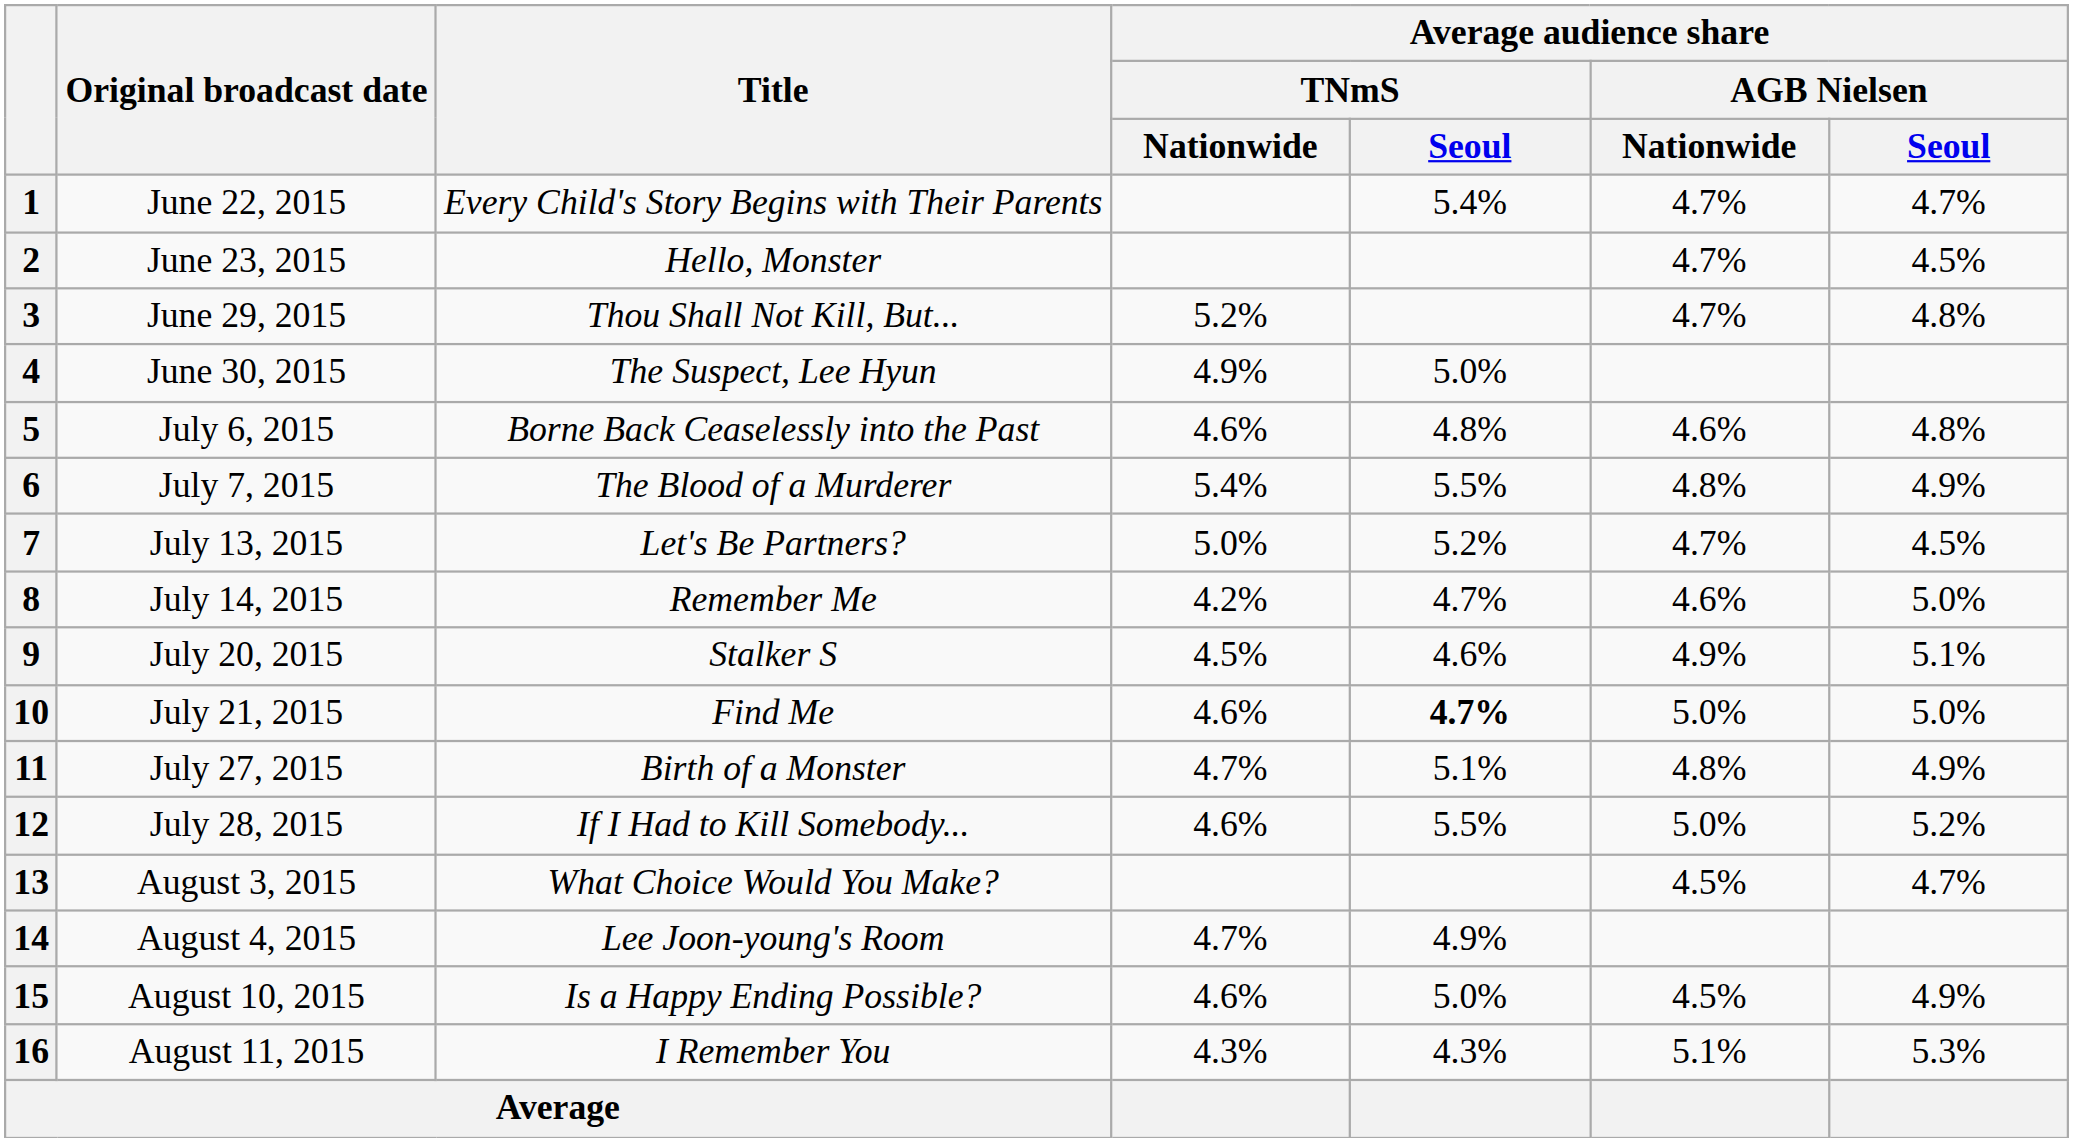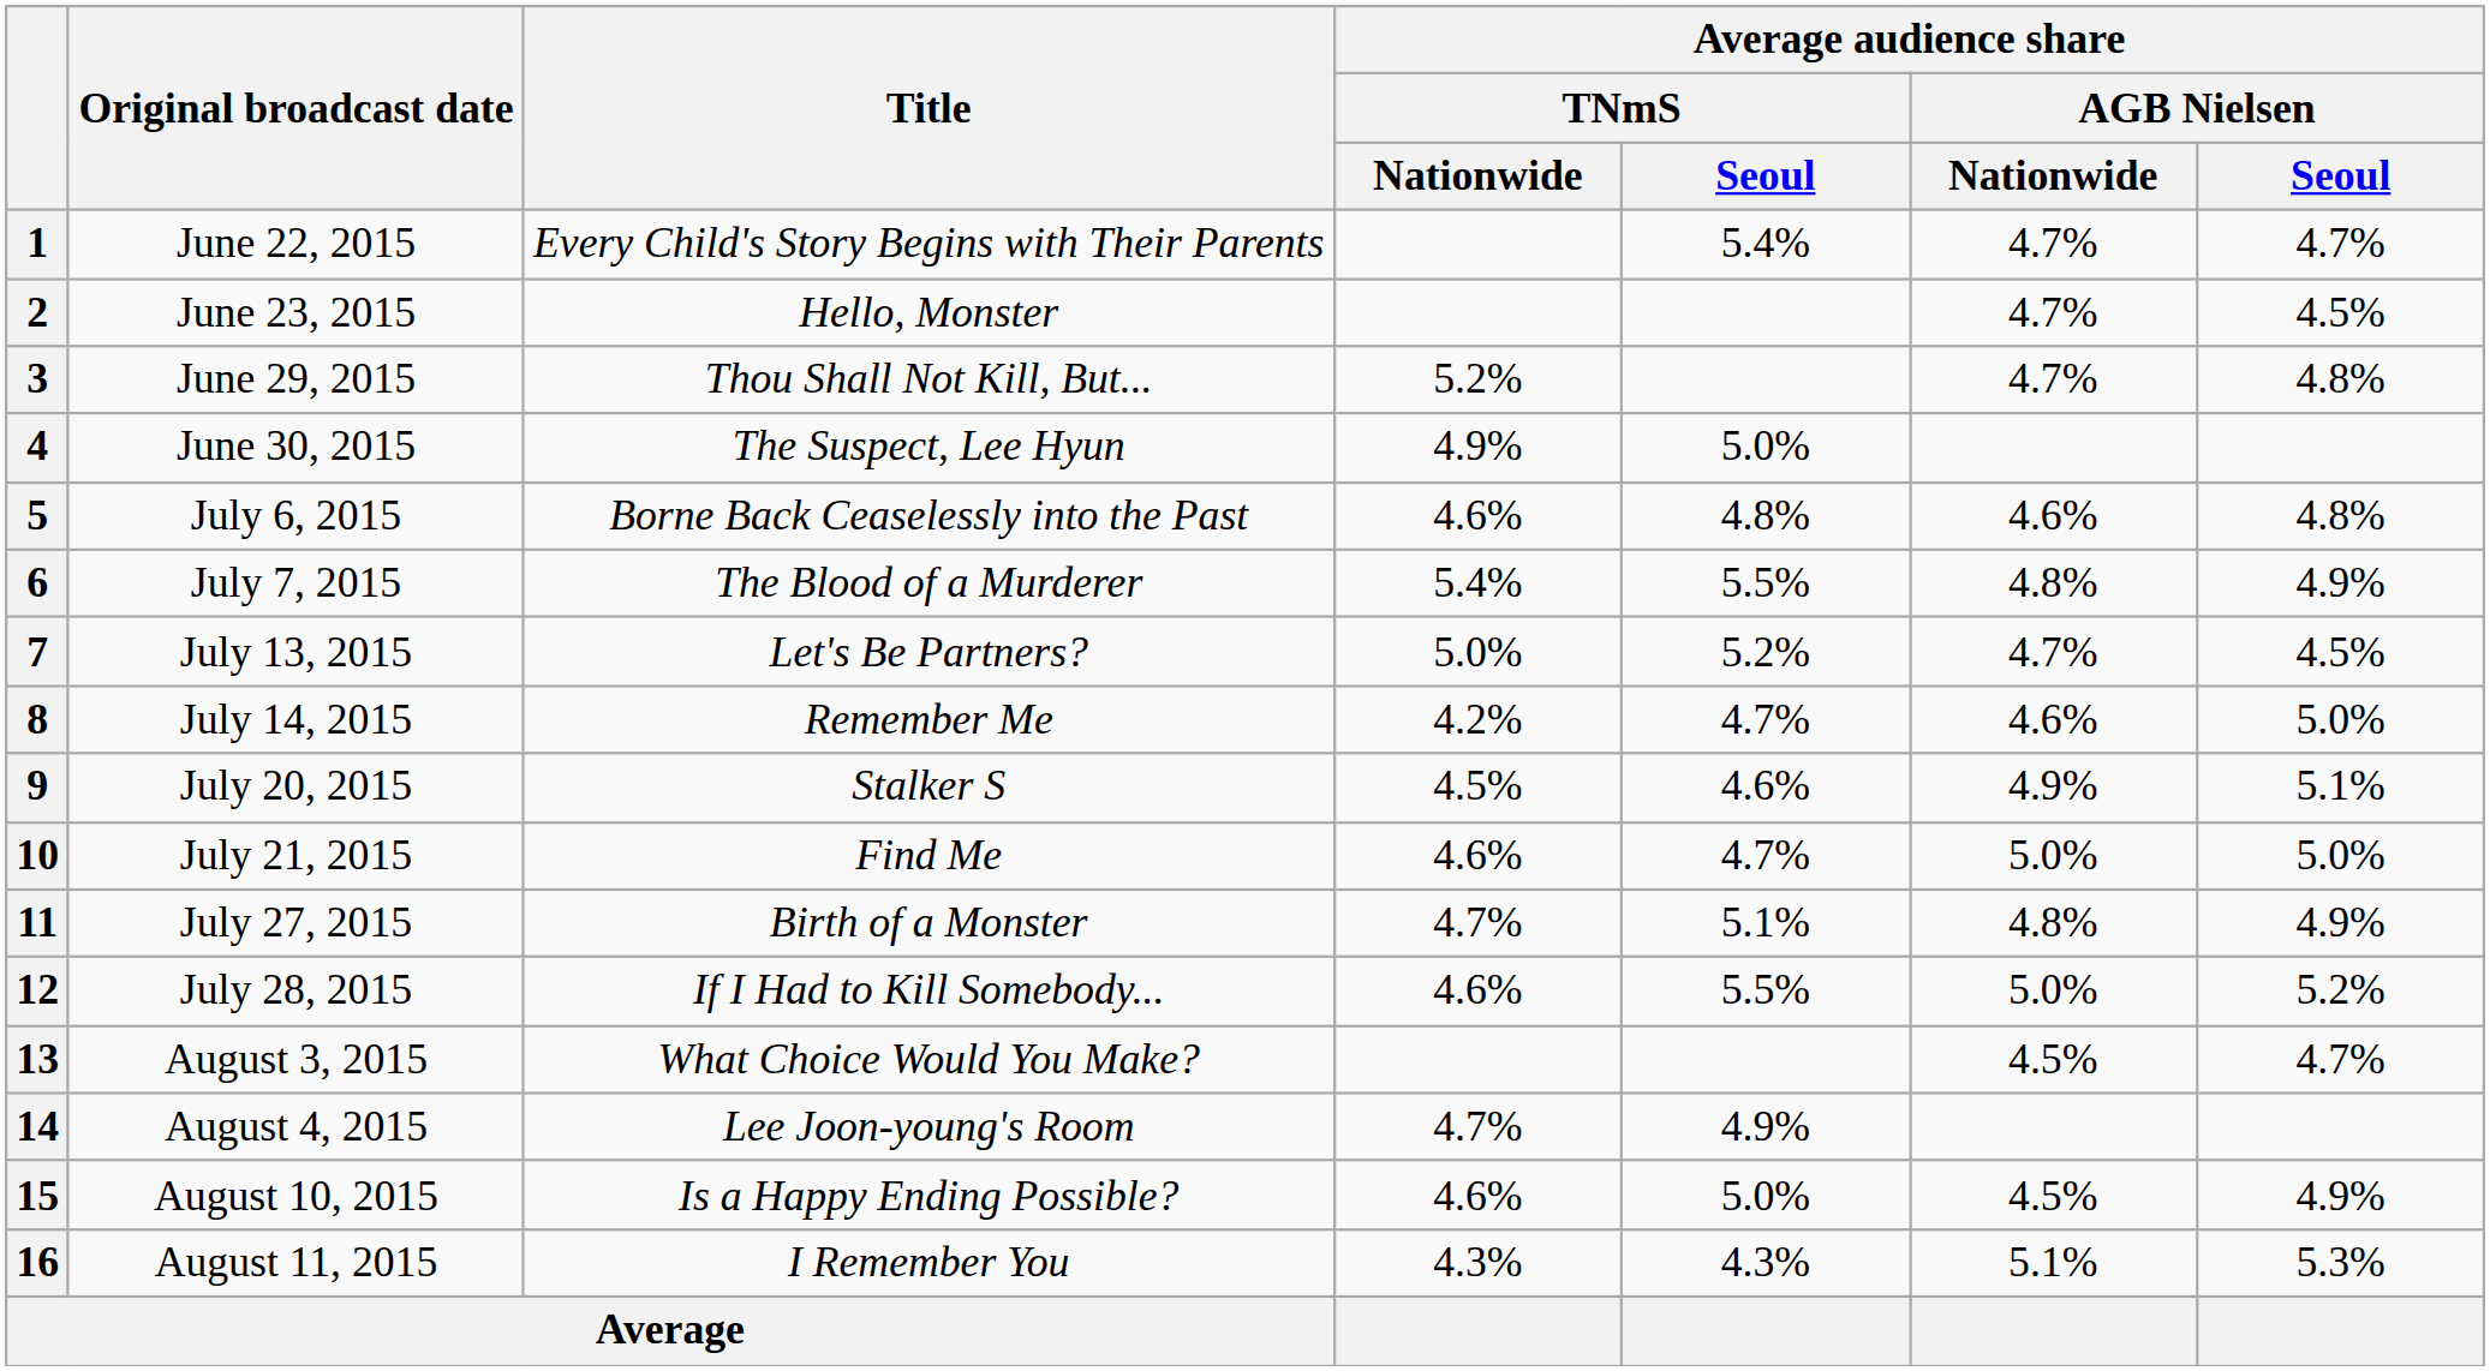 <table class=wikitable style="text-align:center">
 <tr>
 <th rowspan="3"></th>
 <th rowspan="3">Original broadcast date</th>
 <th rowspan="3">Title</th>
 <th colspan="4">Average audience share</th>
 </tr>
 <tr>
 <th colspan="2">TNmS</th>
 <th colspan="2">AGB Nielsen</th>
 </tr>
 <tr>
 <th width=100>Nationwide</th>
 <th width=100><a href='#'>Seoul</a></th>
 <th width=100>Nationwide</th>
 <th width=100><a href='#'>Seoul</a></th>
 </tr>
 <tr>
 <th>1</th>
 <td>June 22, 2015</td>
 <td><em>Every Child's Story Begins with Their Parents</em></td>
 <td></td>
 <td>5.4%</td>
 <td>4.7%</td>
 <td>4.7%</td>
 </tr>
 <tr>
 <th>2</th>
 <td>June 23, 2015</td>
 <td><em>Hello, Monster</em></td>
 <td></td>
 <td></td>
 <td>4.7%</td>
 <td>4.5%</td>
 </tr>
 <tr>
 <th>3</th>
 <td>June 29, 2015</td>
 <td><em>Thou Shall Not Kill, But...</em></td>
 <td>5.2%</td>
 <td></td>
 <td>4.7%</td>
 <td>4.8%</td>
 </tr>
 <tr>
 <th>4</th>
 <td>June 30, 2015</td>
 <td><em>The Suspect, Lee Hyun</em></td>
 <td>4.9%</td>
 <td>5.0%</td>
 <td></td>
 <td></td>
 </tr>
 <tr>
 <th>5</th>
 <td>July 6, 2015</td>
 <td><em>Borne Back Ceaselessly into the Past</em></td>
 <td>4.6%</td>
 <td>4.8%</td>
 <td>4.6%</td>
 <td>4.8%</td>
 </tr>
 <tr>
 <th>6</th>
 <td>July 7, 2015</td>
 <td><em>The Blood of a Murderer</em></td>
 <td>5.4%</td>
 <td>5.5%</td>
 <td>4.8%</td>
 <td>4.9%</td>
 </tr>
 <tr>
 <th>7</th>
 <td>July 13, 2015</td>
 <td><em>Let's Be Partners?</em></td>
 <td>5.0%</td>
 <td>5.2%</td>
 <td>4.7%</td>
 <td>4.5%</td>
 </tr>
 <tr>
 <th>8</th>
 <td>July 14, 2015</td>
 <td><em>Remember Me</em></td>
 <td>4.2%</td>
 <td>4.7%</td>
 <td>4.6%</td>
 <td>5.0%</td>
 </tr>
 <tr>
 <th>9</th>
 <td>July 20, 2015</td>
 <td><em>Stalker S</em></td>
 <td>4.5%</td>
 <td>4.6%</td>
 <td>4.9%</td>
 <td>5.1%</td>
 </tr>
 <tr>
 <th>10</th>
 <td>July 21, 2015</td>
 <td><em>Find Me</em></td>
 <td>4.6%</td>
-<td><strong>4.7%</strong></td>
+<td>4.7%</td>
 <td>5.0%</td>
 <td>5.0%</td>
 </tr>
 <tr>
 <th>11</th>
 <td>July 27, 2015</td>
 <td><em>Birth of a Monster</em></td>
 <td>4.7%</td>
 <td>5.1%</td>
 <td>4.8%</td>
 <td>4.9%</td>
 </tr>
 <tr>
 <th>12</th>
 <td>July 28, 2015</td>
 <td><em>If I Had to Kill Somebody...</em></td>
 <td>4.6%</td>
 <td>5.5%</td>
 <td>5.0%</td>
 <td>5.2%</td>
 </tr>
 <tr>
 <th>13</th>
 <td>August 3, 2015</td>
 <td><em>What Choice Would You Make?</em></td>
 <td></td>
 <td></td>
 <td>4.5%</td>
 <td>4.7%</td>
 </tr>
 <tr>
 <th>14</th>
 <td>August 4, 2015</td>
 <td><em>Lee Joon-young's Room</em></td>
 <td>4.7%</td>
 <td>4.9%</td>
 <td></td>
 <td></td>
 </tr>
 <tr>
 <th>15</th>
 <td>August 10, 2015</td>
 <td><em>Is a Happy Ending Possible?</em></td>
 <td>4.6%</td>
 <td>5.0%</td>
 <td>4.5%</td>
 <td>4.9%</td>
 </tr>
 <tr>
 <th>16</th>
 <td>August 11, 2015</td>
 <td><em>I Remember You</em></td>
 <td>4.3%</td>
 <td>4.3%</td>
 <td>5.1%</td>
 <td>5.3%</td>
 </tr>
 <tr>
 <th colspan="3">Average</th>
 <th></th>
 <th></th>
 <th></th>
 <th></th>
 </tr>
 </table>
